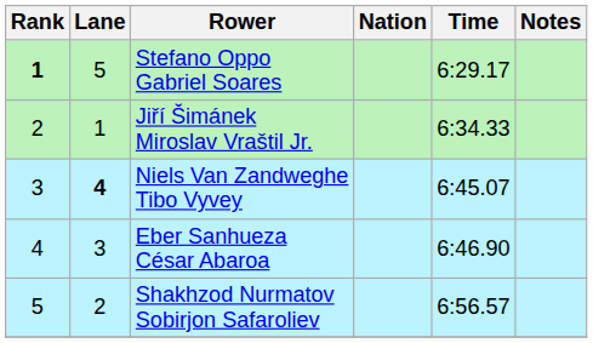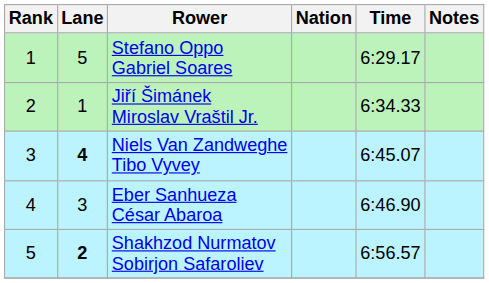 <table class="wikitable sortable" style="text-align:center">
 <tr>
 <th>Rank</th>
 <th>Lane</th>
 <th>Rower</th>
 <th>Nation</th>
 <th>Time</th>
 <th>Notes</th>
 </tr>
 <tr bgcolor=bbf3bb>
-<td><strong>1</strong></td>
+<td>1</td>
 <td>5</td>
 <td align=left><a href='#'>Stefano Oppo</a><br><a href='#'>Gabriel Soares</a></td>
 <td align=left></td>
 <td>6:29.17</td>
 <td></td>
 </tr>
 <tr bgcolor=bbf3bb>
 <td>2</td>
 <td>1</td>
 <td align=left><a href='#'>Jiří Šimánek</a><br><a href='#'>Miroslav Vraštil Jr.</a></td>
 <td align=left></td>
 <td>6:34.33</td>
 <td></td>
 </tr>
 <tr bgcolor=bbf3ff>
 <td>3</td>
 <td><strong>4</strong></td>
 <td align=left><a href='#'>Niels Van Zandweghe</a><br><a href='#'>Tibo Vyvey</a></td>
 <td align=left></td>
 <td>6:45.07</td>
 <td></td>
 </tr>
 <tr bgcolor=bbf3ff>
 <td>4</td>
 <td>3</td>
 <td align=left><a href='#'>Eber Sanhueza</a><br><a href='#'>César Abaroa</a></td>
 <td align=left></td>
 <td>6:46.90</td>
 <td></td>
 </tr>
 <tr bgcolor=bbf3ff>
 <td>5</td>
-<td>2</td>
+<td><strong>2</strong></td>
 <td align=left><a href='#'>Shakhzod Nurmatov</a><br><a href='#'>Sobirjon Safaroliev</a></td>
 <td align=left></td>
 <td>6:56.57</td>
 <td></td>
 </tr>
 <tr bgcolor=bbf3ff>
 </tr>
 </table>
